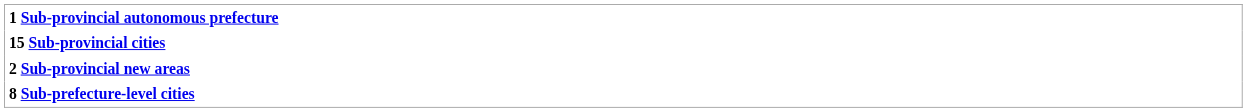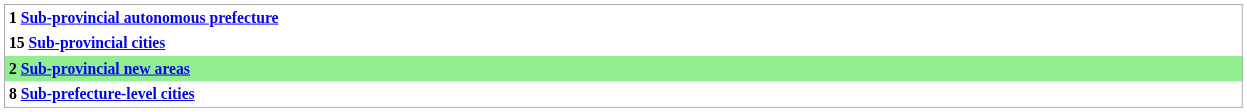 <table cellpadding="4" cellspacing="0" style="width:100%; margin:1em 1em 1em 0; border:1px #aaa solid; border-collapse:collapse; vertical-align:center;">
 <tr>
 <td><strong>1 <a href='#'>Sub-provincial autonomous prefecture</a></strong></td>
 </tr>
 <tr>
 <td><strong>15 <a href='#'>Sub-provincial cities</a></strong></td>
 </tr>
 <tr>
-<td><strong>2 <a href='#'>Sub-provincial new areas</a></strong></td>
+<td style="background: lightgreen;"><strong>2 <a href='#'>Sub-provincial new areas</a></strong></td>
 </tr>
 <tr>
 <td><strong>8 <a href='#'>Sub-prefecture-level cities</a></strong></td>
 </tr>
 </table>
